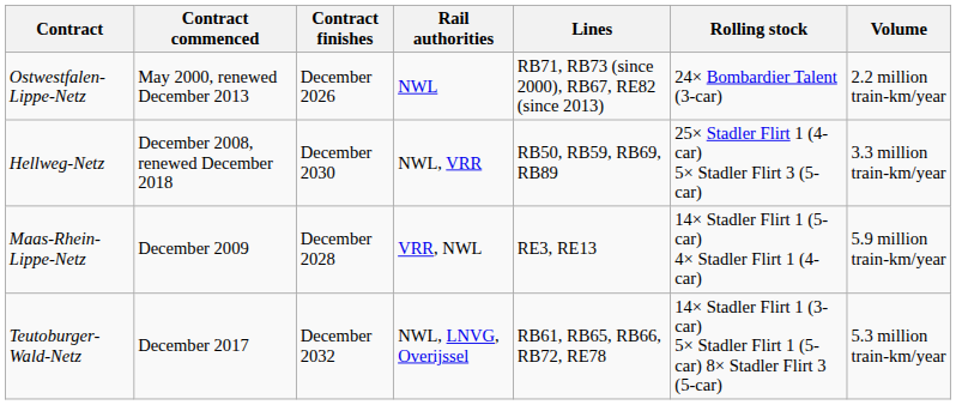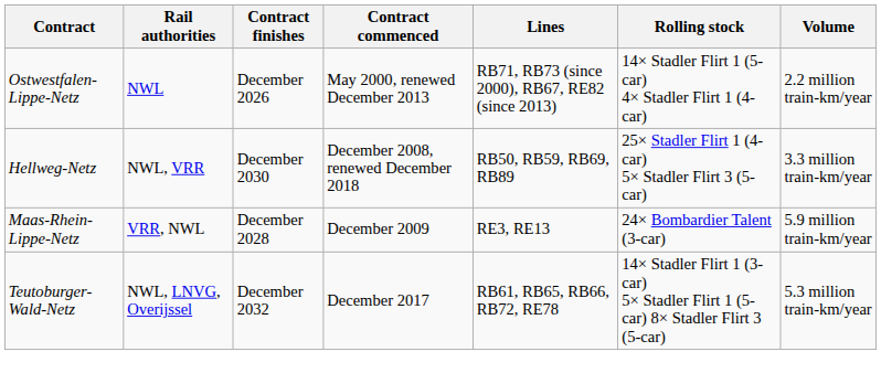 <table class="wikitable">
 <tr>
 <th>Contract</th>
+<th>Rail authorities</th>
+<th>Contract finishes</th>
 <th>Contract commenced</th>
-<th>Contract finishes</th>
-<th>Rail authorities</th>
 <th>Lines</th>
 <th>Rolling stock</th>
 <th>Volume</th>
 </tr>
 <tr>
 <td><em>Ostwestfalen-Lippe-Netz</em></td>
+<td><a href='#'>NWL</a></td>
+<td>December 2026</td>
 <td>May 2000, renewed December 2013</td>
-<td>December 2026</td>
-<td><a href='#'>NWL</a></td>
 <td>RB71, RB73 (since 2000), RB67, RE82 (since 2013)</td>
-<td>24× <a href='#'>Bombardier Talent</a> (3-car)</td>
+<td>14× Stadler Flirt 1 (5-car)<br>4× Stadler Flirt 1 (4-car)</td>
 <td>2.2 million train-km/year</td>
 </tr>
 <tr>
 <td><em>Hellweg-Netz</em></td>
+<td>NWL, <a href='#'>VRR</a></td>
+<td>December 2030</td>
 <td>December 2008, renewed December 2018</td>
-<td>December 2030</td>
-<td>NWL, <a href='#'>VRR</a></td>
 <td>RB50, RB59, RB69, RB89</td>
 <td>25× <a href='#'>Stadler Flirt</a> 1 (4-car)<br>5× Stadler Flirt 3 (5-car)</td>
 <td>3.3 million train-km/year</td>
 </tr>
 <tr>
 <td><em>Maas-Rhein-Lippe-Netz</em></td>
+<td><a href='#'>VRR</a>, NWL</td>
+<td>December 2028</td>
 <td>December 2009</td>
-<td>December 2028</td>
-<td><a href='#'>VRR</a>, NWL</td>
 <td>RE3, RE13</td>
-<td>14× Stadler Flirt 1 (5-car)<br>4× Stadler Flirt 1 (4-car)</td>
+<td>24× <a href='#'>Bombardier Talent</a> (3-car)</td>
 <td>5.9 million train-km/year</td>
 </tr>
 <tr>
 <td><em>Teutoburger-Wald-Netz</em></td>
+<td>NWL, <a href='#'>LNVG</a>, <a href='#'>Overijssel</a></td>
+<td>December 2032</td>
 <td>December 2017</td>
-<td>December 2032</td>
-<td>NWL, <a href='#'>LNVG</a>, <a href='#'>Overijssel</a></td>
 <td>RB61, RB65, RB66, RB72, RE78</td>
 <td>14× Stadler Flirt 1 (3-car)<br>5× Stadler Flirt 1 (5-car) 8× Stadler Flirt 3 (5-car)</td>
 <td>5.3 million train-km/year</td>
 </tr>
 </table>
